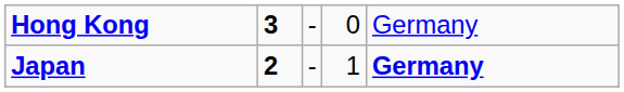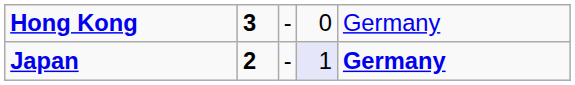 <table class="wikitable">
 <tr>
 <td width=150> <strong><a href='#'>Hong Kong</a></strong></td>
 <td style="width:20px; text-align:left;"><strong>3</strong></td>
 <td>-</td>
 <td style="width:20px; text-align:right;">0</td>
 <td width=150> <a href='#'>Germany</a></td>
 </tr>
 <tr>
 <td> <strong><a href='#'>Japan</a></strong></td>
 <td style="text-align:left;"><strong>2</strong></td>
 <td>-</td>
-<td style="text-align:right;">1</td>
+<td style="background: lavender; text-align:right;">1</td>
 <td><strong> <a href='#'>Germany</a></strong></td>
 </tr>
 </table>
